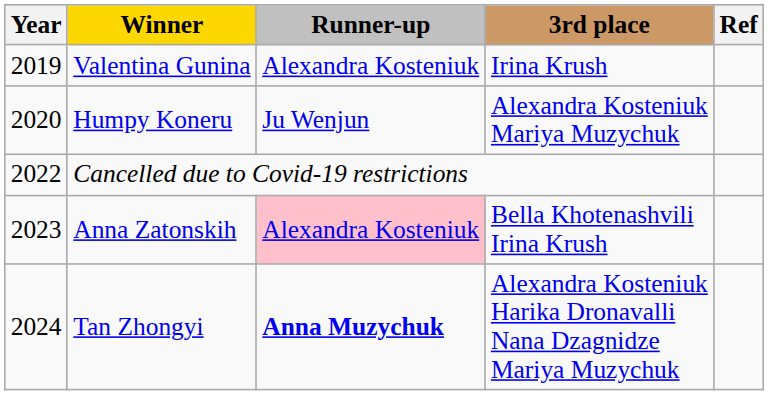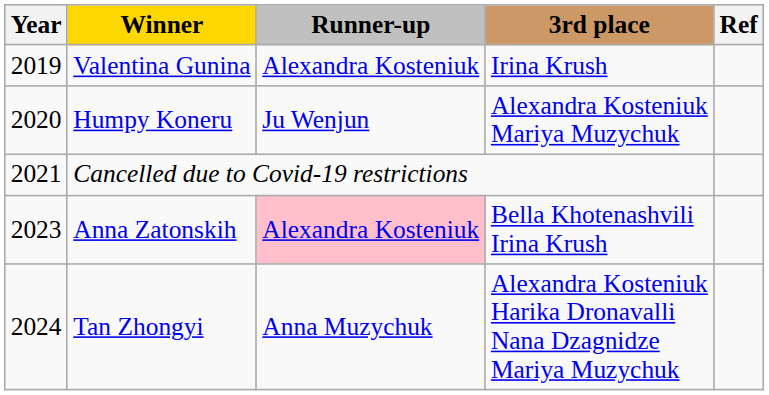 <table class="wikitable">
 <tr>
 <th>Year</th>
 <th style="background:#ffd700">Winner</th>
 <th style="background:#c0c0c0">Runner-up</th>
 <th style="background:#cc9966">3rd place</th>
 <th>Ref</th>
 </tr>
 <tr>
 <td>2019</td>
 <td> <a href='#'>Valentina Gunina</a></td>
 <td> <a href='#'>Alexandra Kosteniuk</a></td>
 <td> <a href='#'>Irina Krush</a></td>
 <td></td>
 </tr>
 <tr>
 <td>2020</td>
 <td> <a href='#'>Humpy Koneru</a></td>
 <td> <a href='#'>Ju Wenjun</a></td>
 <td> <a href='#'>Alexandra Kosteniuk</a><br> <a href='#'>Mariya Muzychuk</a></td>
 <td></td>
 </tr>
 <tr>
-<td>2022</td>
+<td>2021</td>
 <td colspan="3"><em>Cancelled due to Covid-19 restrictions</em></td>
 <td></td>
 </tr>
 <tr>
 <td>2023</td>
 <td> <a href='#'>Anna Zatonskih</a></td>
 <td style="background: pink;"> <a href='#'>Alexandra Kosteniuk</a></td>
 <td> <a href='#'>Bella Khotenashvili</a><br> <a href='#'>Irina Krush</a></td>
 <td></td>
 </tr>
 <tr>
 <td>2024</td>
 <td> <a href='#'>Tan Zhongyi</a></td>
-<td><strong> <a href='#'>Anna Muzychuk</a></strong></td>
+<td> <a href='#'>Anna Muzychuk</a></td>
 <td> <a href='#'>Alexandra Kosteniuk</a><br> <a href='#'>Harika Dronavalli</a><br> <a href='#'>Nana Dzagnidze</a><br> <a href='#'>Mariya Muzychuk</a></td>
 <td></td>
 </tr>
 </table>
